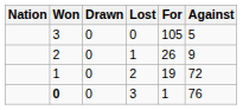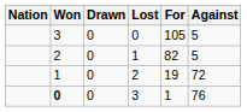 <table class="wikitable">
 <tr>
 <th>Nation</th>
 <th>Won</th>
 <th>Drawn</th>
 <th>Lost</th>
 <th>For</th>
 <th>Against</th>
 </tr>
 <tr>
 <td></td>
 <td>3</td>
 <td>0</td>
 <td>0</td>
 <td>105</td>
 <td>5</td>
 </tr>
 <tr>
 <td></td>
 <td>2</td>
 <td>0</td>
 <td>1</td>
-<td>26</td>
-<td>9</td>
+<td>82</td>
+<td>5</td>
 </tr>
 <tr>
 <td></td>
 <td>1</td>
 <td>0</td>
 <td>2</td>
 <td>19</td>
 <td>72</td>
 </tr>
 <tr>
 <td></td>
 <td><strong>0</strong></td>
 <td>0</td>
 <td>3</td>
 <td>1</td>
 <td>76</td>
 </tr>
 </table>
